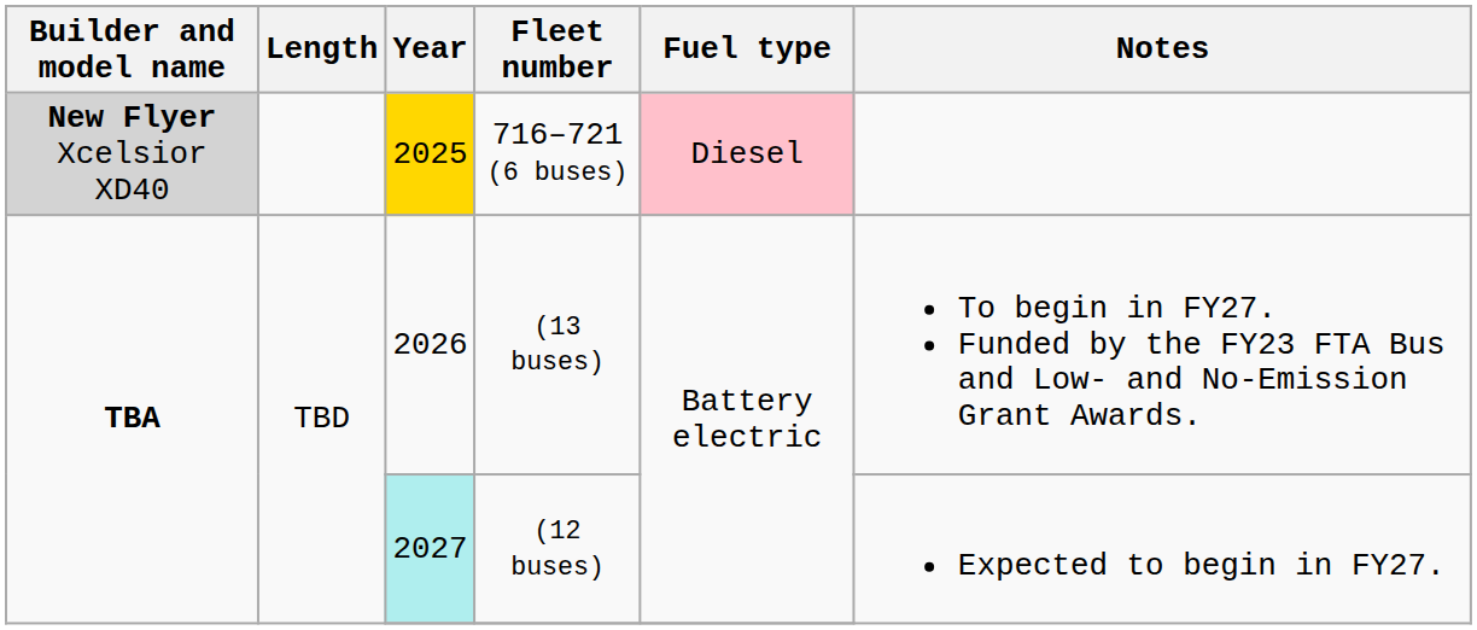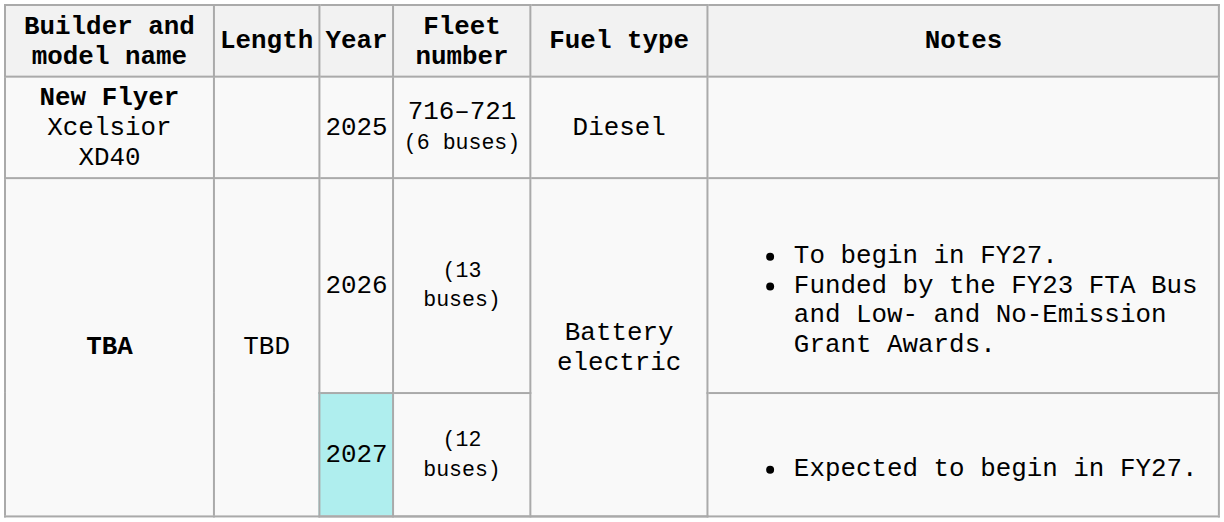 <table class="wikitable">
 <tr>
 <th>Builder and model name</th>
 <th>Length</th>
 <th>Year</th>
 <th>Fleet number</th>
 <th>Fuel type</th>
 <th>Notes</th>
 </tr>
 <tr>
-<td rowspan="1" align="center" style="background: lightgrey;"><strong>New Flyer</strong><br>Xcelsior XD40</td>
+<td rowspan="1" align="center"><strong>New Flyer</strong><br>Xcelsior XD40</td>
 <td align="center"></td>
-<td align="center" style="background: gold;">2025</td>
+<td align="center">2025</td>
 <td align="center">716–721<br><small>(6 buses)</small></td>
-<td rowspan="1" align="center" style="background: pink;">Diesel</td>
+<td rowspan="1" align="center">Diesel</td>
 <td></td>
 </tr>
 <tr>
 <td rowspan="3" align="center"><strong>TBA</strong></td>
 <td rowspan="3" align="center">TBD</td>
 <td align="center">2026</td>
 <td align="center"><small>(13 buses)</small></td>
 <td rowspan="2" align="center">Battery electric</td>
 <td><br><ul><li>To begin in FY27.</li><li>Funded by the FY23 FTA Bus and Low- and No-Emission Grant Awards.</li></ul></td>
 </tr>
 <tr>
 <td rowspan="1" align="center" style="background: paleturquoise;">2027</td>
 <td align="center"><small>(12 buses)</small></td>
 <td rowspan="2"><br><ul><li>Expected to begin in FY27.</li></ul></td>
 </tr>
 <tr>
 </tr>
 </table>
